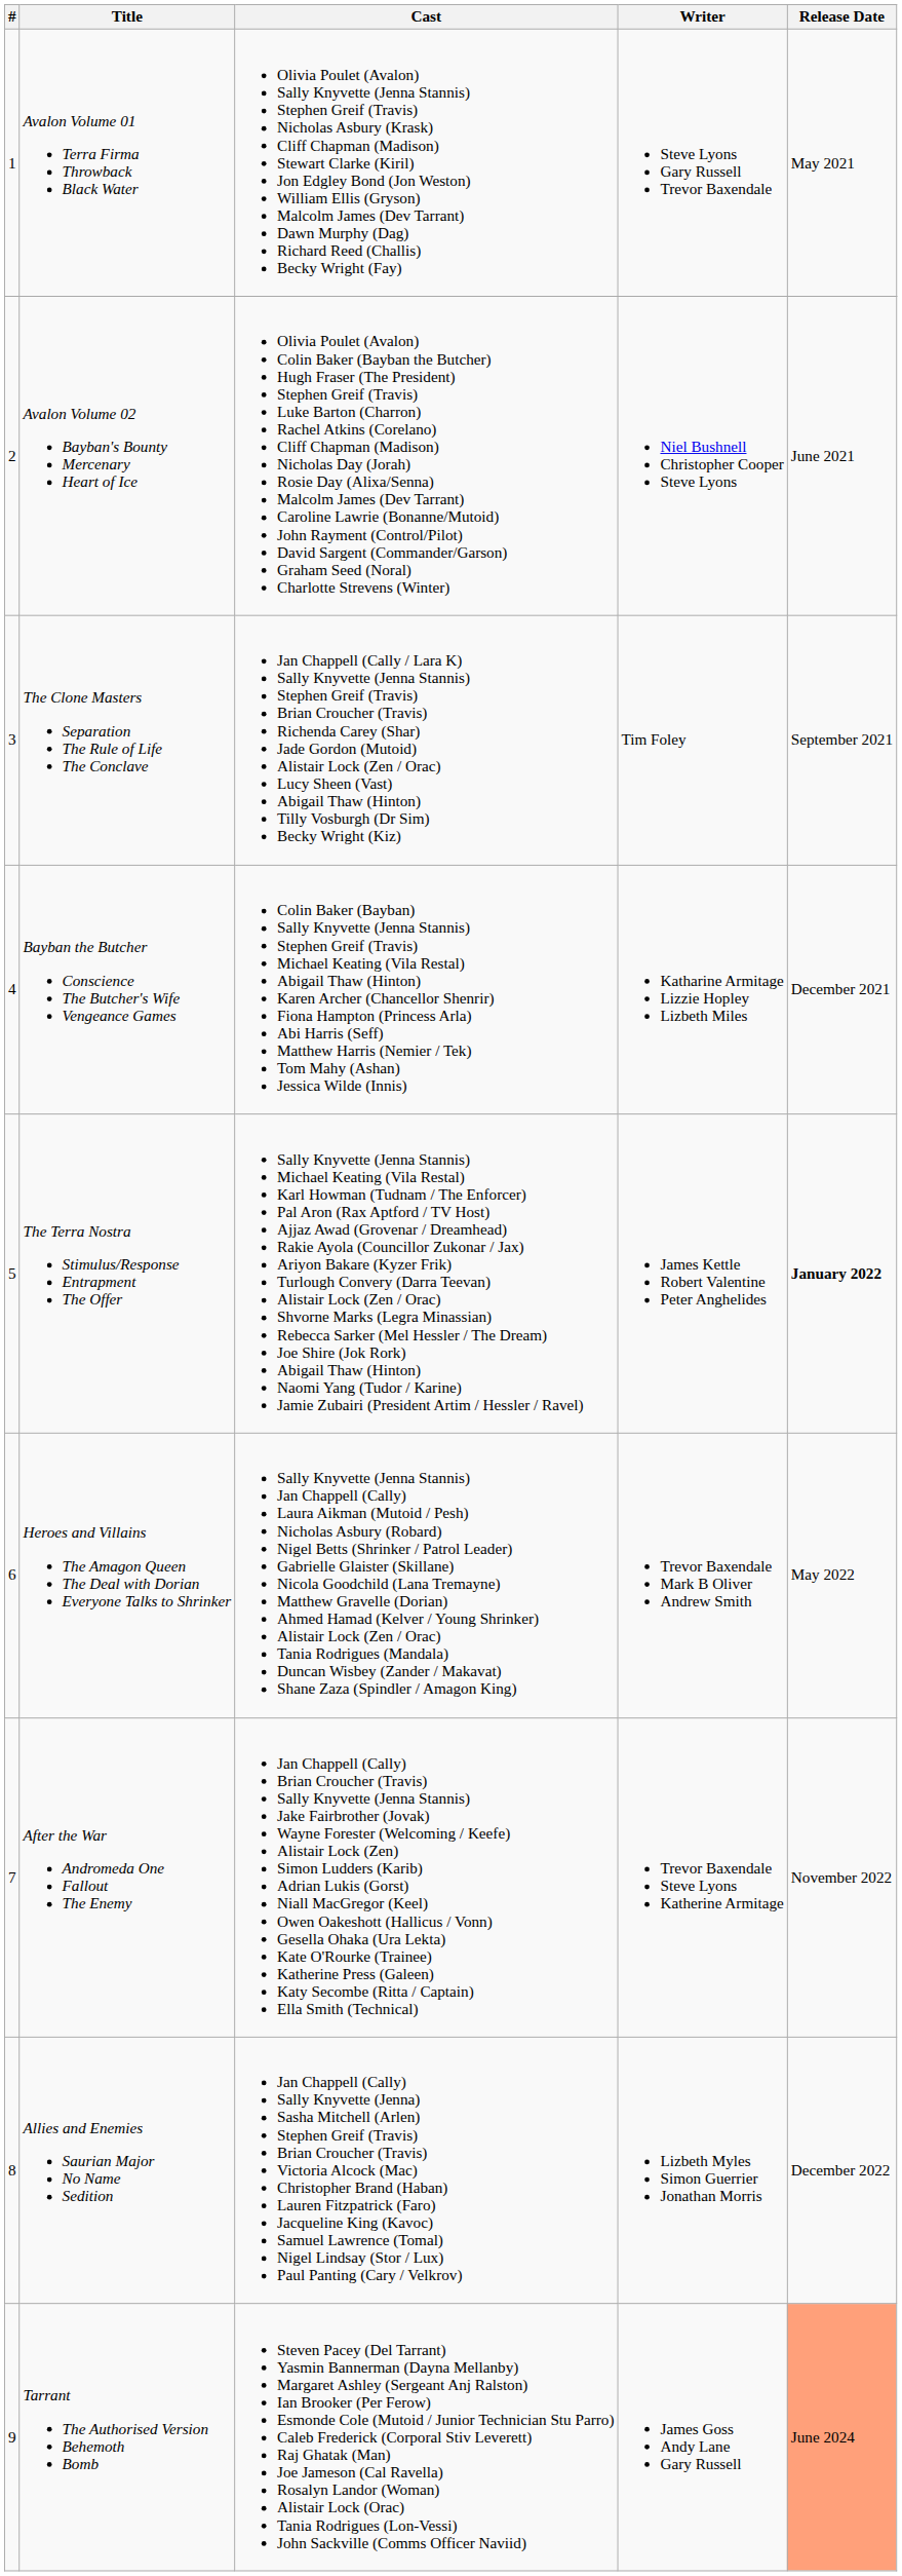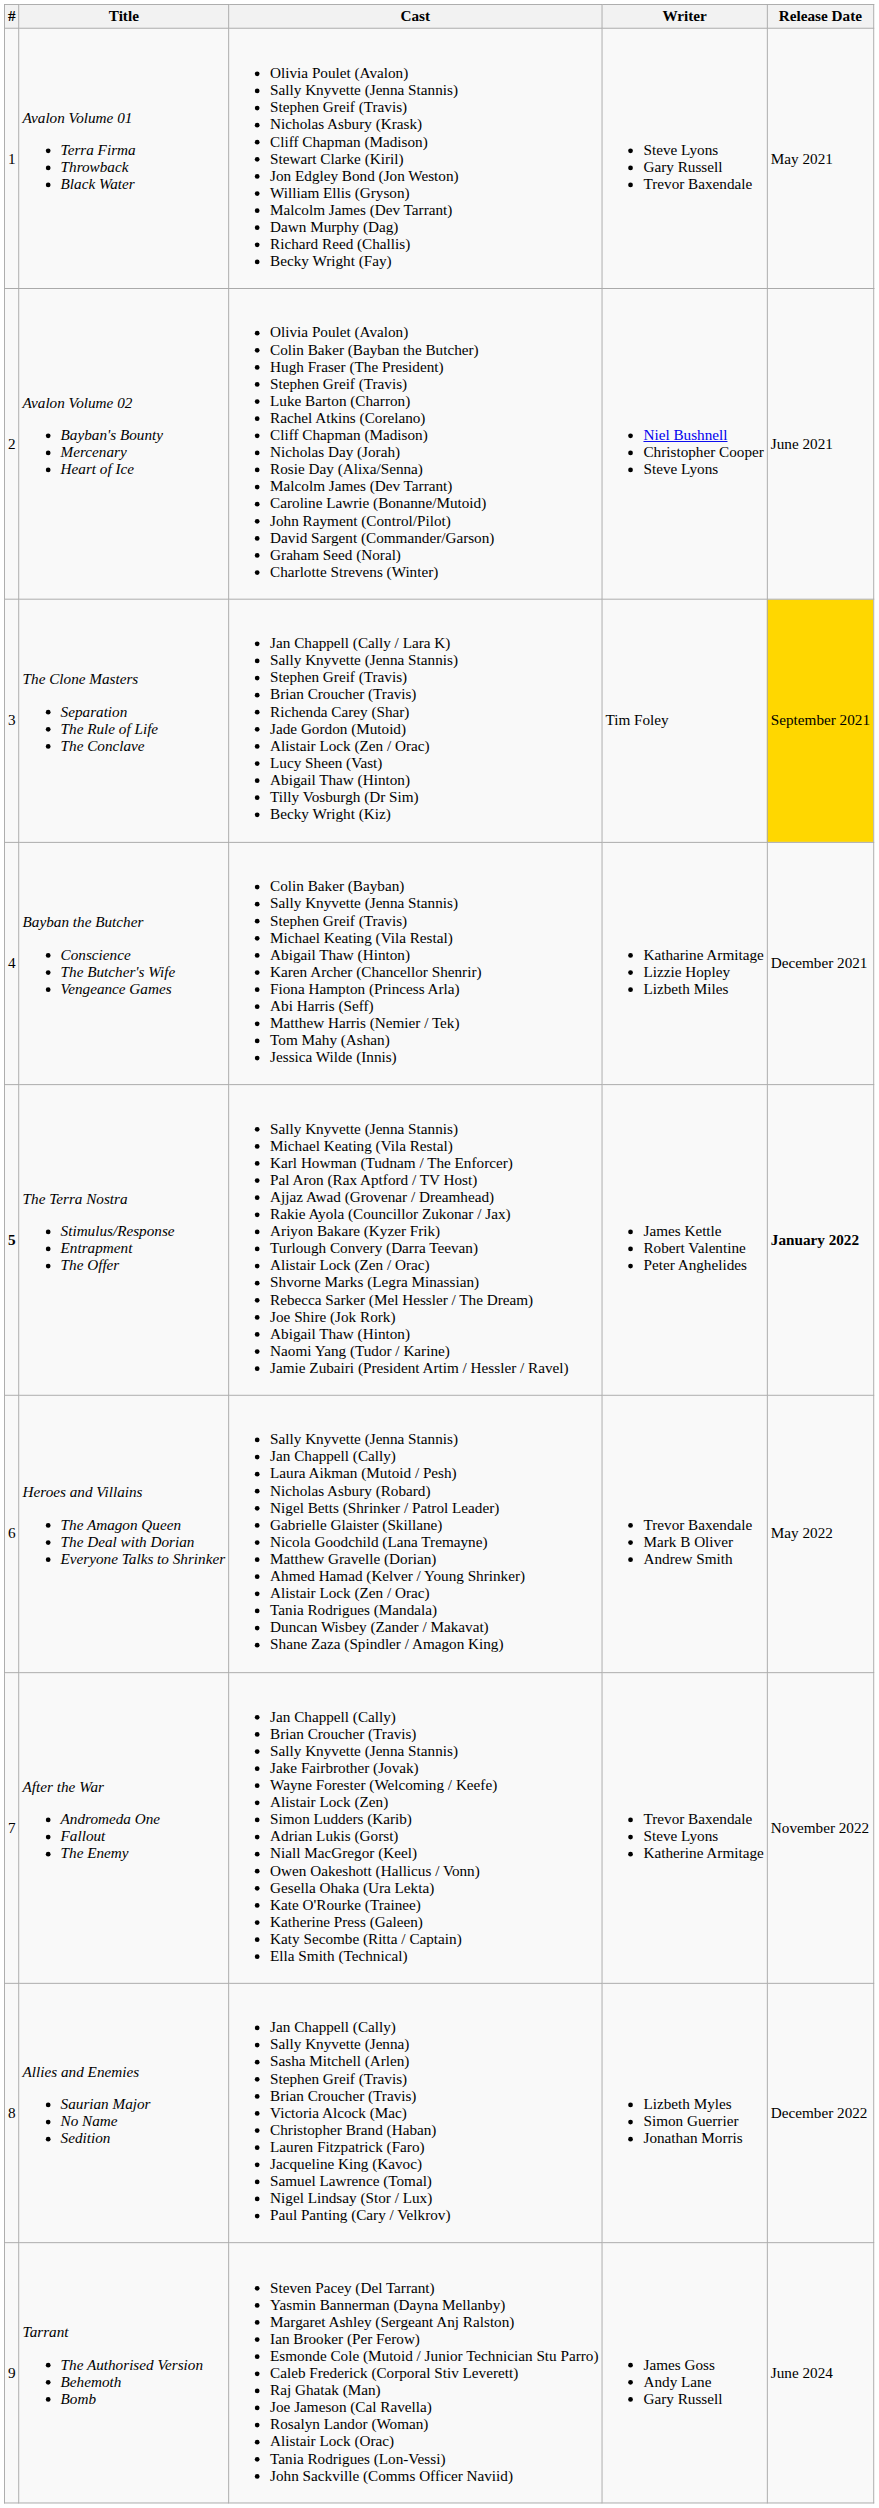 <table class="wikitable">
 <tr>
 <th>#</th>
 <th>Title</th>
 <th>Cast</th>
 <th>Writer</th>
 <th>Release Date</th>
 </tr>
 <tr>
 <td>1</td>
 <td><em>Avalon Volume 01</em><br><ul><li><em>Terra Firma</em></li><li><em>Throwback</em></li><li><em>Black Water</em></li></ul></td>
 <td><br><ul><li>Olivia Poulet (Avalon)</li><li>Sally Knyvette (Jenna Stannis)</li><li>Stephen Greif (Travis)</li><li>Nicholas Asbury (Krask)</li><li>Cliff Chapman (Madison)</li><li>Stewart Clarke (Kiril)</li><li>Jon Edgley Bond (Jon Weston)</li><li>William Ellis (Gryson)</li><li>Malcolm James (Dev Tarrant)</li><li>Dawn Murphy (Dag)</li><li>Richard Reed (Challis)</li><li>Becky Wright (Fay)</li></ul></td>
 <td><br><ul><li>Steve Lyons</li><li>Gary Russell</li><li>Trevor Baxendale</li></ul></td>
 <td>May 2021</td>
 </tr>
 <tr>
 </tr>
 <tr>
 <td>2</td>
 <td><em>Avalon Volume 02</em><br><ul><li><em>Bayban's Bounty</em></li><li><em>Mercenary</em></li><li><em>Heart of Ice</em></li></ul></td>
 <td><br><ul><li>Olivia Poulet (Avalon)</li><li>Colin Baker (Bayban the Butcher)</li><li>Hugh Fraser (The President)</li><li>Stephen Greif (Travis)</li><li>Luke Barton (Charron)</li><li>Rachel Atkins (Corelano)</li><li>Cliff Chapman (Madison)</li><li>Nicholas Day (Jorah)</li><li>Rosie Day (Alixa/Senna)</li><li>Malcolm James (Dev Tarrant)</li><li>Caroline Lawrie (Bonanne/Mutoid)</li><li>John Rayment (Control/Pilot)</li><li>David Sargent (Commander/Garson)</li><li>Graham Seed (Noral)</li><li>Charlotte Strevens (Winter)</li></ul></td>
 <td><br><ul><li><a href='#'>Niel Bushnell</a></li><li>Christopher Cooper</li><li>Steve Lyons</li></ul></td>
 <td>June 2021</td>
 </tr>
 <tr>
 <td>3</td>
 <td><em>The Clone Masters</em><br><ul><li><em>Separation</em></li><li><em>The Rule of Life</em></li><li><em>The Conclave</em></li></ul></td>
 <td><br><ul><li>Jan Chappell (Cally / Lara K)</li><li>Sally Knyvette (Jenna Stannis)</li><li>Stephen Greif (Travis)</li><li>Brian Croucher (Travis)</li><li>Richenda Carey (Shar)</li><li>Jade Gordon (Mutoid)</li><li>Alistair Lock (Zen / Orac)</li><li>Lucy Sheen (Vast)</li><li>Abigail Thaw (Hinton)</li><li>Tilly Vosburgh (Dr Sim)</li><li>Becky Wright (Kiz)</li></ul></td>
 <td>Tim Foley</td>
-<td>September 2021</td>
+<td style="background: gold;">September 2021</td>
 </tr>
 <tr>
 <td>4</td>
 <td><em>Bayban the Butcher</em><br><ul><li><em>Conscience</em></li><li><em>The Butcher's Wife</em></li><li><em>Vengeance Games</em></li></ul></td>
 <td><br><ul><li>Colin Baker (Bayban)</li><li>Sally Knyvette (Jenna Stannis)</li><li>Stephen Greif (Travis)</li><li>Michael Keating (Vila Restal)</li><li>Abigail Thaw (Hinton)</li><li>Karen Archer (Chancellor Shenrir)</li><li>Fiona Hampton (Princess Arla)</li><li>Abi Harris (Seff)</li><li>Matthew Harris (Nemier / Tek)</li><li>Tom Mahy (Ashan)</li><li>Jessica Wilde (Innis)</li></ul></td>
 <td><br><ul><li>Katharine Armitage</li><li>Lizzie Hopley</li><li>Lizbeth Miles</li></ul></td>
 <td>December 2021</td>
 </tr>
 <tr>
-<td>5</td>
+<td><strong>5</strong></td>
 <td><em>The Terra Nostra</em><br><ul><li><em>Stimulus/Response</em></li><li><em>Entrapment</em></li><li><em>The Offer</em></li></ul></td>
 <td><br><ul><li>Sally Knyvette (Jenna Stannis)</li><li>Michael Keating (Vila Restal)</li><li>Karl Howman (Tudnam / The Enforcer)</li><li>Pal Aron (Rax Aptford / TV Host)</li><li>Ajjaz Awad (Grovenar / Dreamhead)</li><li>Rakie Ayola (Councillor Zukonar / Jax)</li><li>Ariyon Bakare (Kyzer Frik)</li><li>Turlough Convery (Darra Teevan)</li><li>Alistair Lock (Zen / Orac)</li><li>Shvorne Marks (Legra Minassian)</li><li>Rebecca Sarker (Mel Hessler / The Dream)</li><li>Joe Shire (Jok Rork)</li><li>Abigail Thaw (Hinton)</li><li>Naomi Yang (Tudor / Karine)</li><li>Jamie Zubairi (President Artim / Hessler / Ravel)</li></ul></td>
 <td><br><ul><li>James Kettle</li><li>Robert Valentine</li><li>Peter Anghelides</li></ul></td>
 <td><strong>January 2022</strong></td>
 </tr>
 <tr>
 <td>6</td>
 <td><em>Heroes and Villains</em><br><ul><li><em>The Amagon Queen</em></li><li><em>The Deal with Dorian</em></li><li><em>Everyone Talks to Shrinker</em></li></ul></td>
 <td><br><ul><li>Sally Knyvette (Jenna Stannis)</li><li>Jan Chappell (Cally)</li><li>Laura Aikman (Mutoid / Pesh)</li><li>Nicholas Asbury (Robard)</li><li>Nigel Betts (Shrinker / Patrol Leader)</li><li>Gabrielle Glaister (Skillane)</li><li>Nicola Goodchild (Lana Tremayne)</li><li>Matthew Gravelle (Dorian)</li><li>Ahmed Hamad (Kelver / Young Shrinker)</li><li>Alistair Lock (Zen / Orac)</li><li>Tania Rodrigues (Mandala)</li><li>Duncan Wisbey (Zander / Makavat)</li><li>Shane Zaza (Spindler / Amagon King)</li></ul></td>
 <td><br><ul><li>Trevor Baxendale</li><li>Mark B Oliver</li><li>Andrew Smith</li></ul></td>
 <td>May 2022</td>
 </tr>
 <tr>
 <td>7</td>
 <td><em>After the War</em><br><ul><li><em>Andromeda One</em></li><li><em>Fallout</em></li><li><em>The Enemy</em></li></ul></td>
 <td><br><ul><li>Jan Chappell (Cally)</li><li>Brian Croucher (Travis)</li><li>Sally Knyvette (Jenna Stannis)</li><li>Jake Fairbrother (Jovak)</li><li>Wayne Forester (Welcoming / Keefe)</li><li>Alistair Lock (Zen)</li><li>Simon Ludders (Karib)</li><li>Adrian Lukis (Gorst)</li><li>Niall MacGregor (Keel)</li><li>Owen Oakeshott (Hallicus / Vonn)</li><li>Gesella Ohaka (Ura Lekta)</li><li>Kate O'Rourke (Trainee)</li><li>Katherine Press (Galeen)</li><li>Katy Secombe (Ritta / Captain)</li><li>Ella Smith (Technical)</li></ul></td>
 <td><br><ul><li>Trevor Baxendale</li><li>Steve Lyons</li><li>Katherine Armitage</li></ul></td>
 <td>November 2022</td>
 </tr>
 <tr>
 <td>8</td>
 <td><em>Allies and Enemies</em><br><ul><li><em>Saurian Major</em></li><li><em>No Name</em></li><li><em>Sedition</em></li></ul></td>
 <td><br><ul><li>Jan Chappell (Cally)</li><li>Sally Knyvette (Jenna)</li><li>Sasha Mitchell (Arlen)</li><li>Stephen Greif (Travis)</li><li>Brian Croucher (Travis)</li><li>Victoria Alcock (Mac)</li><li>Christopher Brand (Haban)</li><li>Lauren Fitzpatrick (Faro)</li><li>Jacqueline King (Kavoc)</li><li>Samuel Lawrence (Tomal)</li><li>Nigel Lindsay (Stor / Lux)</li><li>Paul Panting (Cary / Velkrov)</li></ul></td>
 <td><br><ul><li>Lizbeth Myles</li><li>Simon Guerrier</li><li>Jonathan Morris</li></ul></td>
 <td>December 2022</td>
 </tr>
 <tr>
 <td>9</td>
 <td><em>Tarrant</em><br><ul><li><em>The Authorised Version</em></li><li><em>Behemoth</em></li><li><em>Bomb</em></li></ul></td>
 <td><br><ul><li>Steven Pacey (Del Tarrant)</li><li>Yasmin Bannerman (Dayna Mellanby)</li><li>Margaret Ashley (Sergeant Anj Ralston)</li><li>Ian Brooker (Per Ferow)</li><li>Esmonde Cole (Mutoid / Junior Technician Stu Parro)</li><li>Caleb Frederick (Corporal Stiv Leverett)</li><li>Raj Ghatak (Man)</li><li>Joe Jameson (Cal Ravella)</li><li>Rosalyn Landor (Woman)</li><li>Alistair Lock (Orac)</li><li>Tania Rodrigues (Lon-Vessi)</li><li>John Sackville (Comms Officer Naviid)</li></ul></td>
 <td><br><ul><li>James Goss</li><li>Andy Lane</li><li>Gary Russell</li></ul></td>
-<td style="background: lightsalmon;">June 2024</td>
+<td>June 2024</td>
 </tr>
 </table>
